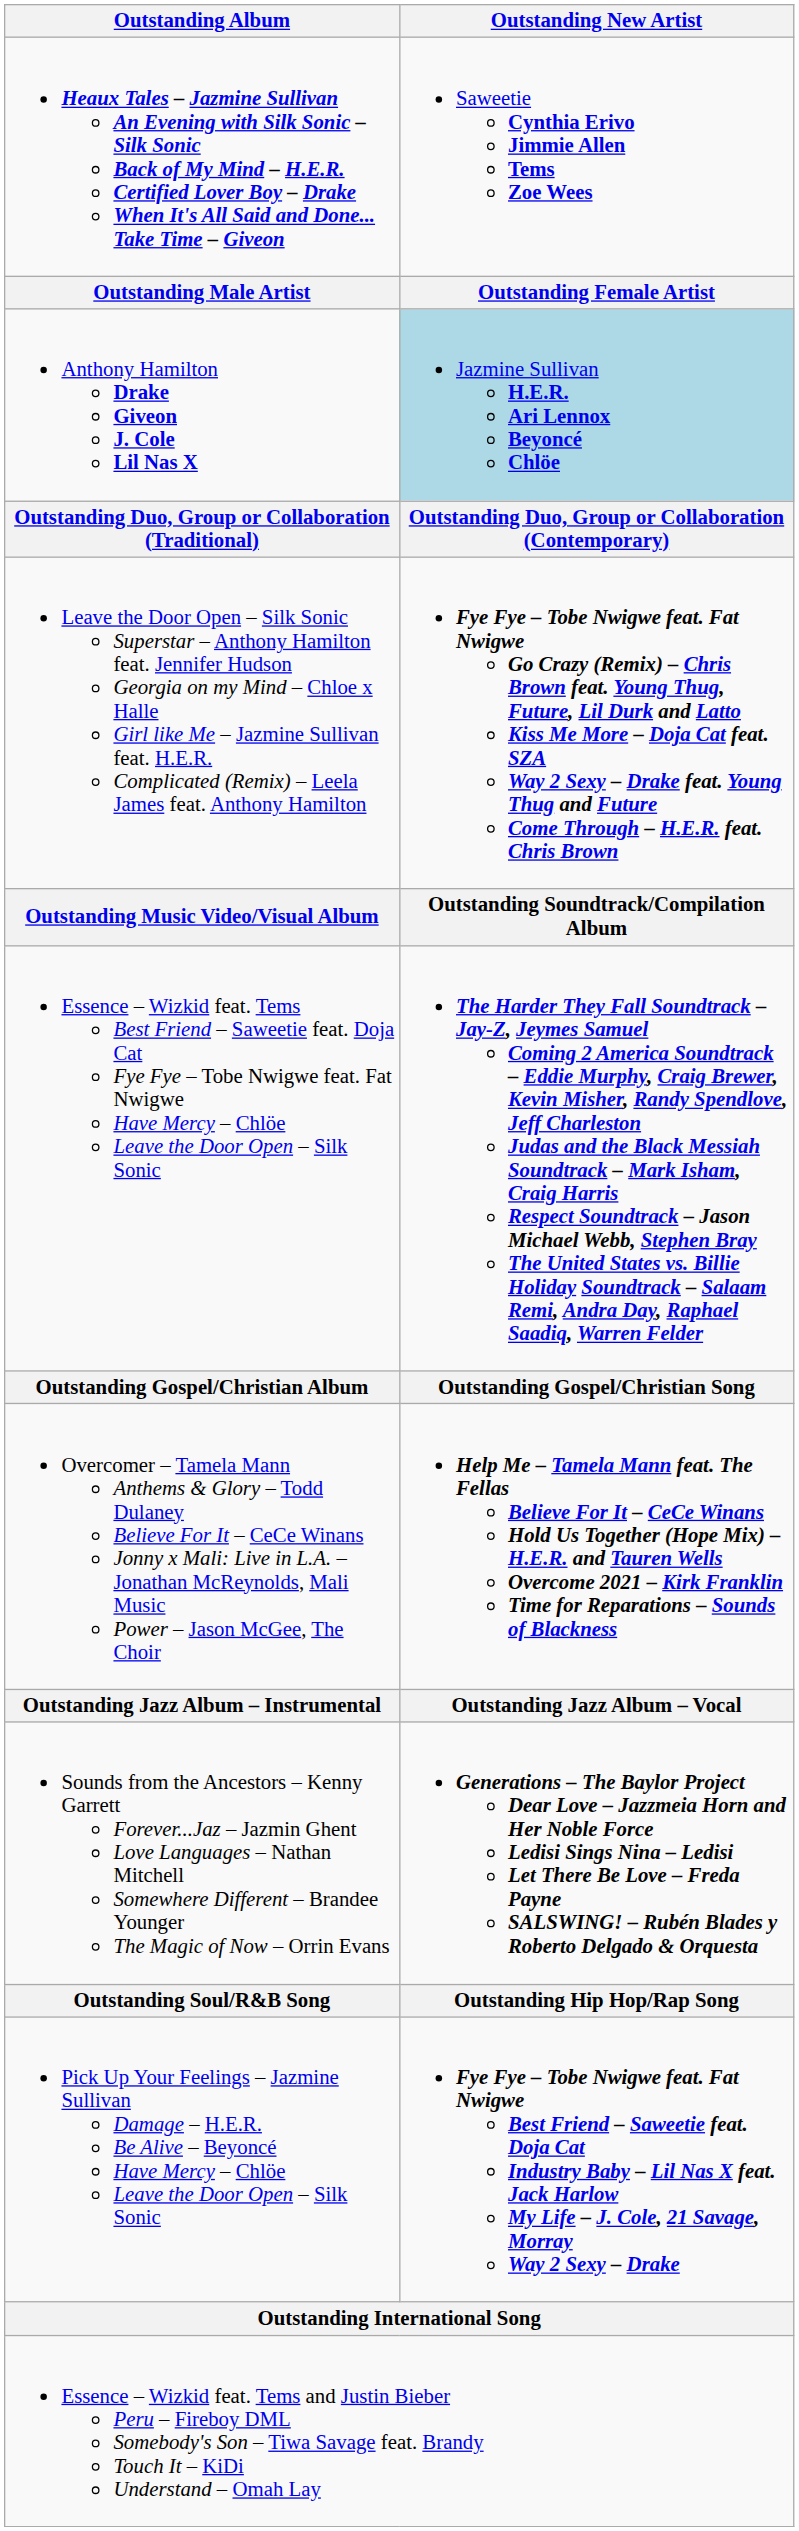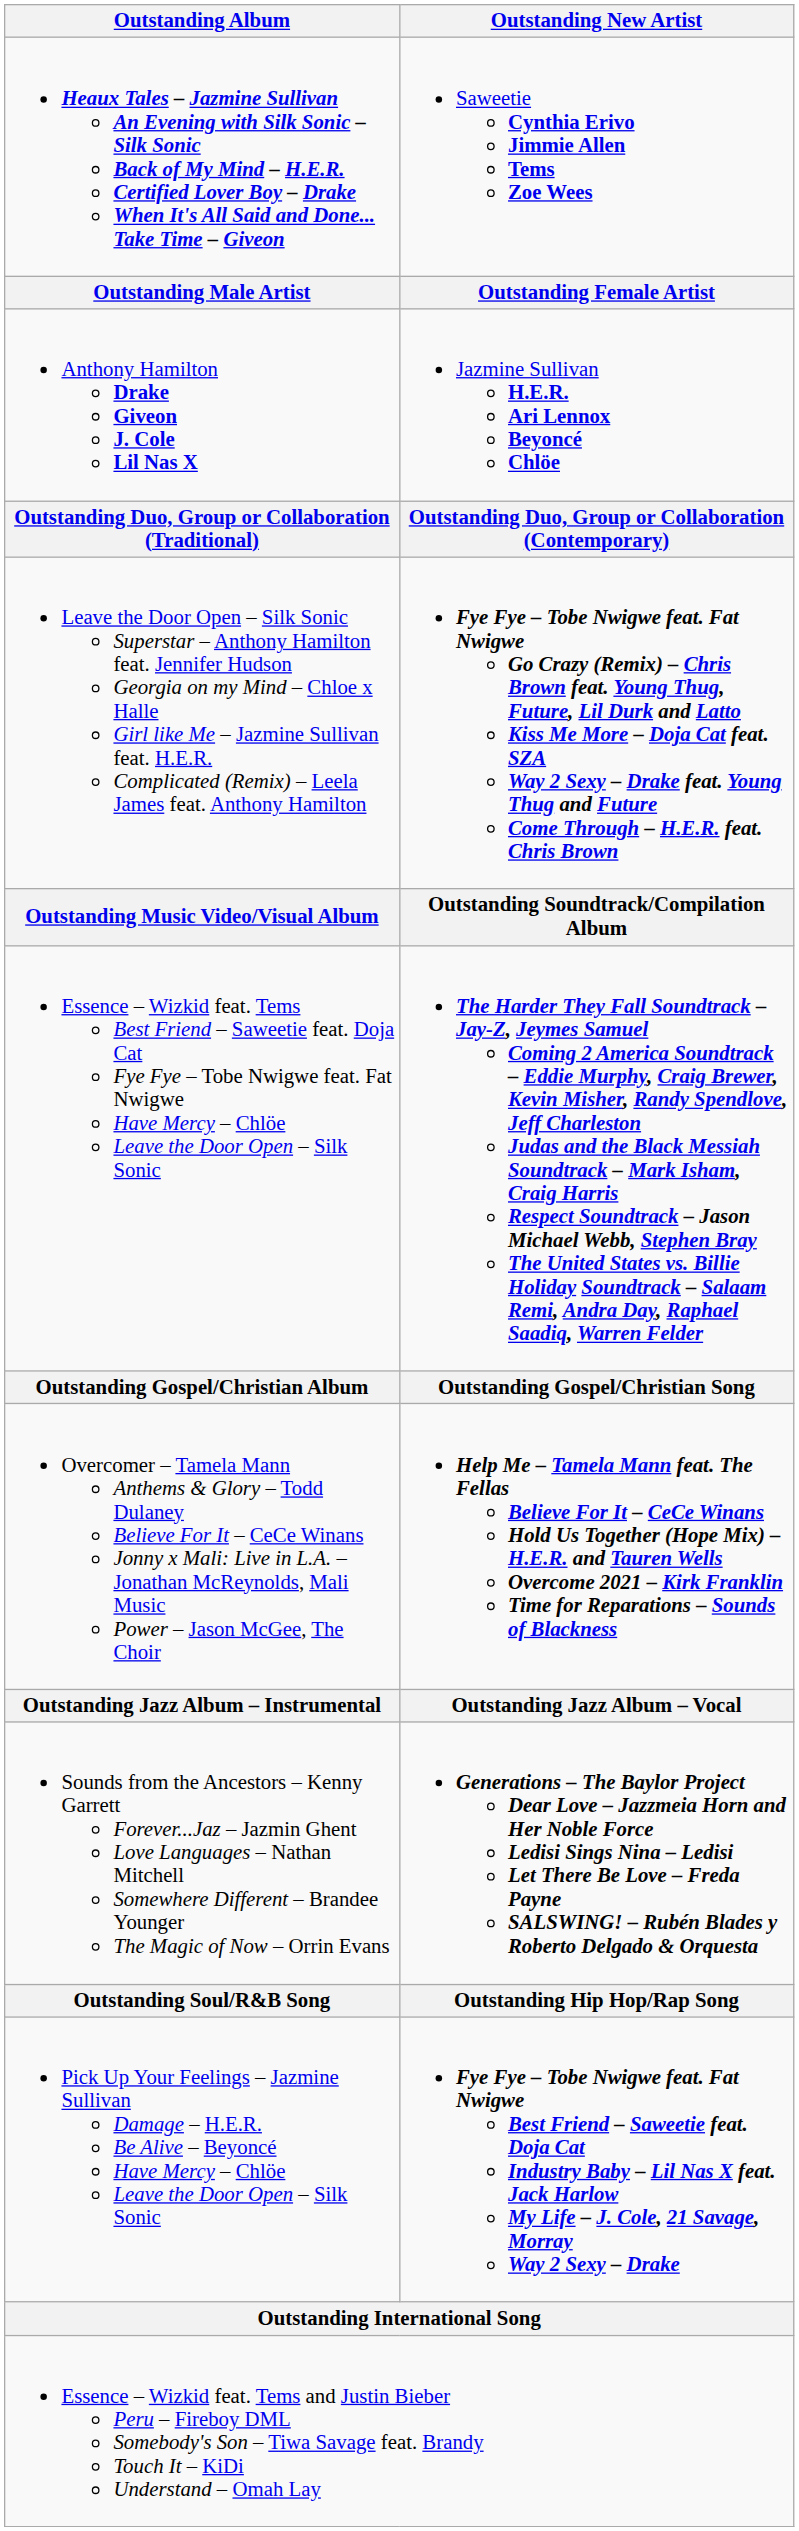 <table class="wikitable">
 <tr>
 <th style="width=50%"><a href='#'>Outstanding Album</a></th>
 <th style="width=50%"><a href='#'>Outstanding New Artist</a></th>
 </tr>
 <tr>
 <td valign="top" width="50%"><br><ul><li><strong><em><a href='#'>Heaux Tales</a><em> – <a href='#'>Jazmine Sullivan</a><strong><ul><li></em><a href='#'>An Evening with Silk Sonic</a><em> – <a href='#'>Silk Sonic</a></li><li></em><a href='#'>Back of My Mind</a><em> – <a href='#'>H.E.R.</a></li><li></em><a href='#'>Certified Lover Boy</a><em> – <a href='#'>Drake</a></li><li></em><a href='#'>When It's All Said and Done... Take Time</a><em> – <a href='#'>Giveon</a></li></ul></li></ul></td>
 <td valign="top" width="50%"><br><ul><li></strong><a href='#'>Saweetie</a><strong><ul><li><a href='#'>Cynthia Erivo</a></li><li><a href='#'>Jimmie Allen</a></li><li><a href='#'>Tems</a></li><li><a href='#'>Zoe Wees</a></li></ul></li></ul></td>
 </tr>
 <tr>
 <th style="width=50%"><a href='#'>Outstanding Male Artist</a></th>
 <th style="width=50%"><a href='#'>Outstanding Female Artist</a></th>
 </tr>
 <tr>
 <td valign="top" width="50%"><br><ul><li></strong><a href='#'>Anthony Hamilton</a><strong><ul><li><a href='#'>Drake</a></li><li><a href='#'>Giveon</a></li><li><a href='#'>J. Cole</a></li><li><a href='#'>Lil Nas X</a></li></ul></li></ul></td>
-<td valign="top" width="50%" style="background: lightblue;"><br><ul><li></strong><a href='#'>Jazmine Sullivan</a><strong><ul><li><a href='#'>H.E.R.</a></li><li><a href='#'>Ari Lennox</a></li><li><a href='#'>Beyoncé</a></li><li><a href='#'>Chlöe</a></li></ul></li></ul></td>
+<td valign="top" width="50%"><br><ul><li></strong><a href='#'>Jazmine Sullivan</a><strong><ul><li><a href='#'>H.E.R.</a></li><li><a href='#'>Ari Lennox</a></li><li><a href='#'>Beyoncé</a></li><li><a href='#'>Chlöe</a></li></ul></li></ul></td>
 </tr>
 <tr>
 <th style="width=50%"><a href='#'>Outstanding Duo, Group or Collaboration (Traditional)</a></th>
 <th style="width=50%"><a href='#'>Outstanding Duo, Group or Collaboration (Contemporary)</a></th>
 </tr>
 <tr>
 <td valign="top" width="50%"><br><ul><li></em></strong><a href='#'>Leave the Door Open</a></em> – <a href='#'>Silk Sonic</a></strong><ul><li><em>Superstar</em> – <a href='#'>Anthony Hamilton</a> feat. <a href='#'>Jennifer Hudson</a></li><li><em>Georgia on my Mind</em> – <a href='#'>Chloe x Halle</a></li><li><em><a href='#'>Girl like Me</a></em> – <a href='#'>Jazmine Sullivan</a> feat. <a href='#'>H.E.R.</a></li><li><em>Complicated (Remix)</em> – <a href='#'>Leela James</a> feat. <a href='#'>Anthony Hamilton</a></li></ul></li></ul></td>
 <td valign="top" width="50%"><br><ul><li><strong><em>Fye Fye<em> – Tobe Nwigwe feat. Fat Nwigwe<strong><ul><li></em>Go Crazy (Remix)<em> – <a href='#'>Chris Brown</a> feat. <a href='#'>Young Thug</a>, <a href='#'>Future</a>, <a href='#'>Lil Durk</a> and <a href='#'>Latto</a></li><li></em><a href='#'>Kiss Me More</a><em> – <a href='#'>Doja Cat</a> feat. <a href='#'>SZA</a></li><li></em><a href='#'>Way 2 Sexy</a><em> – <a href='#'>Drake</a> feat. <a href='#'>Young Thug</a> and <a href='#'>Future</a></li><li></em><a href='#'>Come Through</a><em> – <a href='#'>H.E.R.</a> feat. <a href='#'>Chris Brown</a></li></ul></li></ul></td>
 </tr>
 <tr>
 <th style="width=50%"><a href='#'>Outstanding Music Video/Visual Album</a></th>
 <th style="width=50%">Outstanding Soundtrack/Compilation Album</th>
 </tr>
 <tr>
 <td valign="top" width="50%"><br><ul><li></em></strong><a href='#'>Essence</a></em> – <a href='#'>Wizkid</a> feat. <a href='#'>Tems</a></strong><ul><li><em><a href='#'>Best Friend</a></em> – <a href='#'>Saweetie</a> feat. <a href='#'>Doja Cat</a></li><li><em>Fye Fye</em> – Tobe Nwigwe feat. Fat Nwigwe</li><li><em><a href='#'>Have Mercy</a></em> – <a href='#'>Chlöe</a></li><li><em><a href='#'>Leave the Door Open</a></em> – <a href='#'>Silk Sonic</a></li></ul></li></ul></td>
 <td valign="top" width="50%"><br><ul><li><strong><em><a href='#'>The Harder They Fall Soundtrack</a><em> – <a href='#'>Jay-Z</a>, <a href='#'>Jeymes Samuel</a><strong><ul><li></em><a href='#'>Coming 2 America Soundtrack</a><em> – <a href='#'>Eddie Murphy</a>, <a href='#'>Craig Brewer</a>, <a href='#'>Kevin Misher</a>, <a href='#'>Randy Spendlove</a>, <a href='#'>Jeff Charleston</a></li><li></em><a href='#'>Judas and the Black Messiah Soundtrack</a><em> – <a href='#'>Mark Isham</a>, <a href='#'>Craig Harris</a></li><li></em><a href='#'>Respect Soundtrack</a><em> – Jason Michael Webb, <a href='#'>Stephen Bray</a></li><li></em><a href='#'>The United States vs. Billie Holiday</a> <a href='#'>Soundtrack</a><em> – <a href='#'>Salaam Remi</a>, <a href='#'>Andra Day</a>, <a href='#'>Raphael Saadiq</a>, <a href='#'>Warren Felder</a></li></ul></li></ul></td>
 </tr>
 <tr>
 <th style="width=50%">Outstanding Gospel/Christian Album</th>
 <th style="width=50%">Outstanding Gospel/Christian Song</th>
 </tr>
 <tr>
 <td valign="top" width="50%"><br><ul><li></em></strong>Overcomer</em> – <a href='#'>Tamela Mann</a></strong><ul><li><em>Anthems & Glory</em> – <a href='#'>Todd Dulaney</a></li><li><em><a href='#'>Believe For It</a></em> – <a href='#'>CeCe Winans</a></li><li><em>Jonny x Mali: Live in L.A.</em> – <a href='#'>Jonathan McReynolds</a>, <a href='#'>Mali Music</a></li><li><em>Power</em> – <a href='#'>Jason McGee</a>, <a href='#'>The Choir</a></li></ul></li></ul></td>
 <td valign="top" width="50%"><br><ul><li><strong><em>Help Me<em> – <a href='#'>Tamela Mann</a> feat. The Fellas<strong><ul><li></em><a href='#'>Believe For It</a><em> – <a href='#'>CeCe Winans</a></li><li></em>Hold Us Together (Hope Mix)<em> – <a href='#'>H.E.R.</a> and <a href='#'>Tauren Wells</a></li><li></em>Overcome 2021<em> – <a href='#'>Kirk Franklin</a></li><li></em>Time for Reparations<em> – <a href='#'>Sounds of Blackness</a></li></ul></li></ul></td>
 </tr>
 <tr>
 <th style="width=50%">Outstanding Jazz Album – Instrumental</th>
 <th style="width=50%">Outstanding Jazz Album – Vocal</th>
 </tr>
 <tr>
 <td valign="top" width="50%"><br><ul><li></em></strong>Sounds from the Ancestors</em> – Kenny Garrett</strong><ul><li><em>Forever...Jaz</em> – Jazmin Ghent</li><li><em>Love Languages</em> – Nathan Mitchell</li><li><em>Somewhere Different</em> – Brandee Younger</li><li><em>The Magic of Now</em> – Orrin Evans</li></ul></li></ul></td>
 <td valign="top" width="50%"><br><ul><li><strong><em>Generations<em> – The Baylor Project<strong><ul><li></em>Dear Love<em> – Jazzmeia Horn and Her Noble Force</li><li></em>Ledisi Sings Nina<em> – Ledisi</li><li></em>Let There Be Love<em> – Freda Payne</li><li></em>SALSWING!<em> – Rubén Blades y Roberto Delgado & Orquesta</li></ul></li></ul></td>
 </tr>
 <tr>
 <th style="width=50%">Outstanding Soul/R&B Song</th>
 <th style="width=50%">Outstanding Hip Hop/Rap Song</th>
 </tr>
 <tr>
 <td valign="top" width="50%"><br><ul><li></em></strong><a href='#'>Pick Up Your Feelings</a></em> – <a href='#'>Jazmine Sullivan</a></strong><ul><li><em><a href='#'>Damage</a></em> – <a href='#'>H.E.R.</a></li><li><em><a href='#'>Be Alive</a></em> – <a href='#'>Beyoncé</a></li><li><em><a href='#'>Have Mercy</a></em> – <a href='#'>Chlöe</a></li><li><em><a href='#'>Leave the Door Open</a></em> – <a href='#'>Silk Sonic</a></li></ul></li></ul></td>
 <td valign="top" width="50%"><br><ul><li><strong><em>Fye Fye<em> – Tobe Nwigwe feat. Fat Nwigwe<strong><ul><li></em><a href='#'>Best Friend</a><em> – <a href='#'>Saweetie</a> feat. <a href='#'>Doja Cat</a></li><li></em><a href='#'>Industry Baby</a><em> – <a href='#'>Lil Nas X</a> feat. <a href='#'>Jack Harlow</a></li><li></em><a href='#'>My Life</a><em> – <a href='#'>J. Cole</a>, <a href='#'>21 Savage</a>, <a href='#'>Morray</a></li><li></em><a href='#'>Way 2 Sexy</a><em> – <a href='#'>Drake</a></li></ul></li></ul></td>
 </tr>
 <tr>
 <th colspan="2" style="width=50%">Outstanding International Song</th>
 </tr>
 <tr>
 <td colspan="2" valign="top" width="50%"><br><ul><li></em></strong><a href='#'>Essence</a></em> – <a href='#'>Wizkid</a> feat. <a href='#'>Tems</a> and <a href='#'>Justin Bieber</a></strong><ul><li><em><a href='#'>Peru</a></em> – <a href='#'>Fireboy DML</a></li><li><em>Somebody's Son</em> – <a href='#'>Tiwa Savage</a> feat. <a href='#'>Brandy</a></li><li><em>Touch It</em> – <a href='#'>KiDi</a></li><li><em>Understand</em> – <a href='#'>Omah Lay</a></li></ul></li></ul></td>
 </tr>
 </table>
